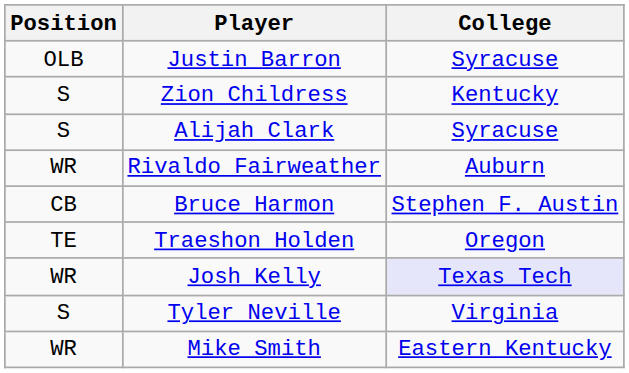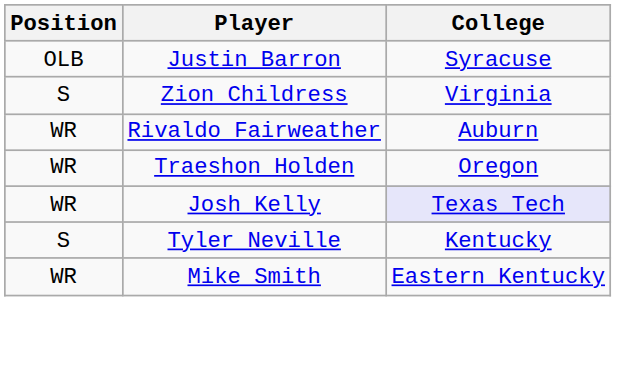 <table class="wikitable" style="text-align:center">
 <tr>
 <th>Position</th>
 <th>Player</th>
 <th>College</th>
 </tr>
 <tr>
 <td>OLB</td>
 <td scope="row"><a href='#'>Justin Barron</a></td>
 <td><a href='#'>Syracuse</a></td>
 </tr>
 <tr>
 <td>S</td>
 <td scope="row"><a href='#'>Zion Childress</a></td>
-<td><a href='#'>Kentucky</a></td>
-</tr>
-<tr>
-<td>S</td>
-<td scope="row"><a href='#'>Alijah Clark</a></td>
-<td><a href='#'>Syracuse</a></td>
+<td><a href='#'>Virginia</a></td>
 </tr>
 <tr>
 <td>WR</td>
 <td scope="row"><a href='#'>Rivaldo Fairweather</a></td>
 <td><a href='#'>Auburn</a></td>
 </tr>
 <tr>
-<td>CB</td>
-<td scope="row"><a href='#'>Bruce Harmon</a></td>
-<td><a href='#'>Stephen F. Austin</a></td>
-</tr>
-<tr>
-<td>TE</td>
+<td>WR</td>
 <td scope="row"><a href='#'>Traeshon Holden</a></td>
 <td><a href='#'>Oregon</a></td>
 </tr>
 <tr>
 <td>WR</td>
 <td scope="row"><a href='#'>Josh Kelly</a></td>
 <td style="background: lavender;"><a href='#'>Texas Tech</a></td>
 </tr>
 <tr>
 <td>S</td>
 <td scope="row"><a href='#'>Tyler Neville</a></td>
-<td><a href='#'>Virginia</a></td>
+<td><a href='#'>Kentucky</a></td>
 </tr>
 <tr>
 <td>WR</td>
 <td scope="row"><a href='#'>Mike Smith</a></td>
 <td><a href='#'>Eastern Kentucky</a></td>
 </tr>
 </table>
